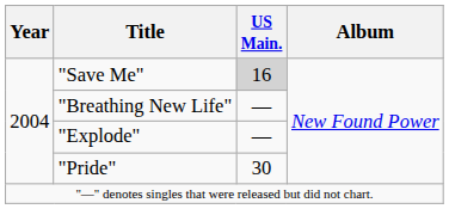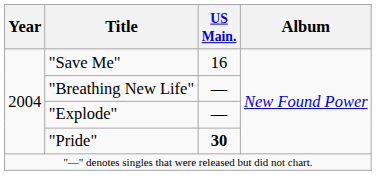 <table class="wikitable" border="1">
 <tr>
 <th rowspan="1">Year</th>
 <th rowspan="1">Title</th>
 <th rowspan="1"><small><a href='#'>US<br>Main.</a></small><br></th>
 <th rowspan="1">Album</th>
 </tr>
 <tr>
 <td rowspan="4">2004</td>
 <td>"Save Me"</td>
-<td align="center" style="background: lightgrey;">16</td>
+<td align="center">16</td>
 <td rowspan="4"><em><a href='#'>New Found Power</a></em></td>
 </tr>
 <tr>
 <td>"Breathing New Life"</td>
 <td align="center">—</td>
 </tr>
 <tr>
 <td>"Explode"</td>
 <td align="center">—</td>
 </tr>
 <tr>
 <td>"Pride"</td>
-<td align="center">30</td>
+<td align="center"><strong>30</strong></td>
 </tr>
 <tr>
 <td align="center" colspan="4" style="font-size: 8pt">"—" denotes singles that were released but did not chart.</td>
 </tr>
 </table>
